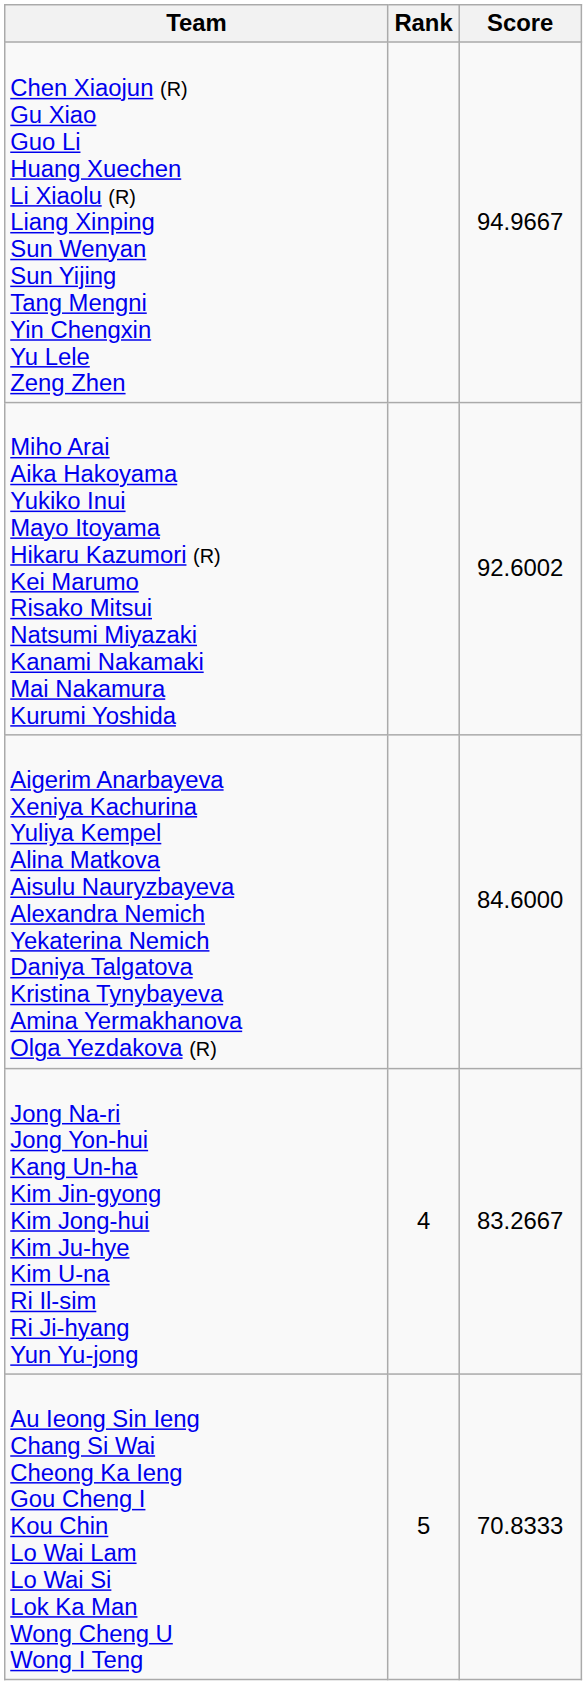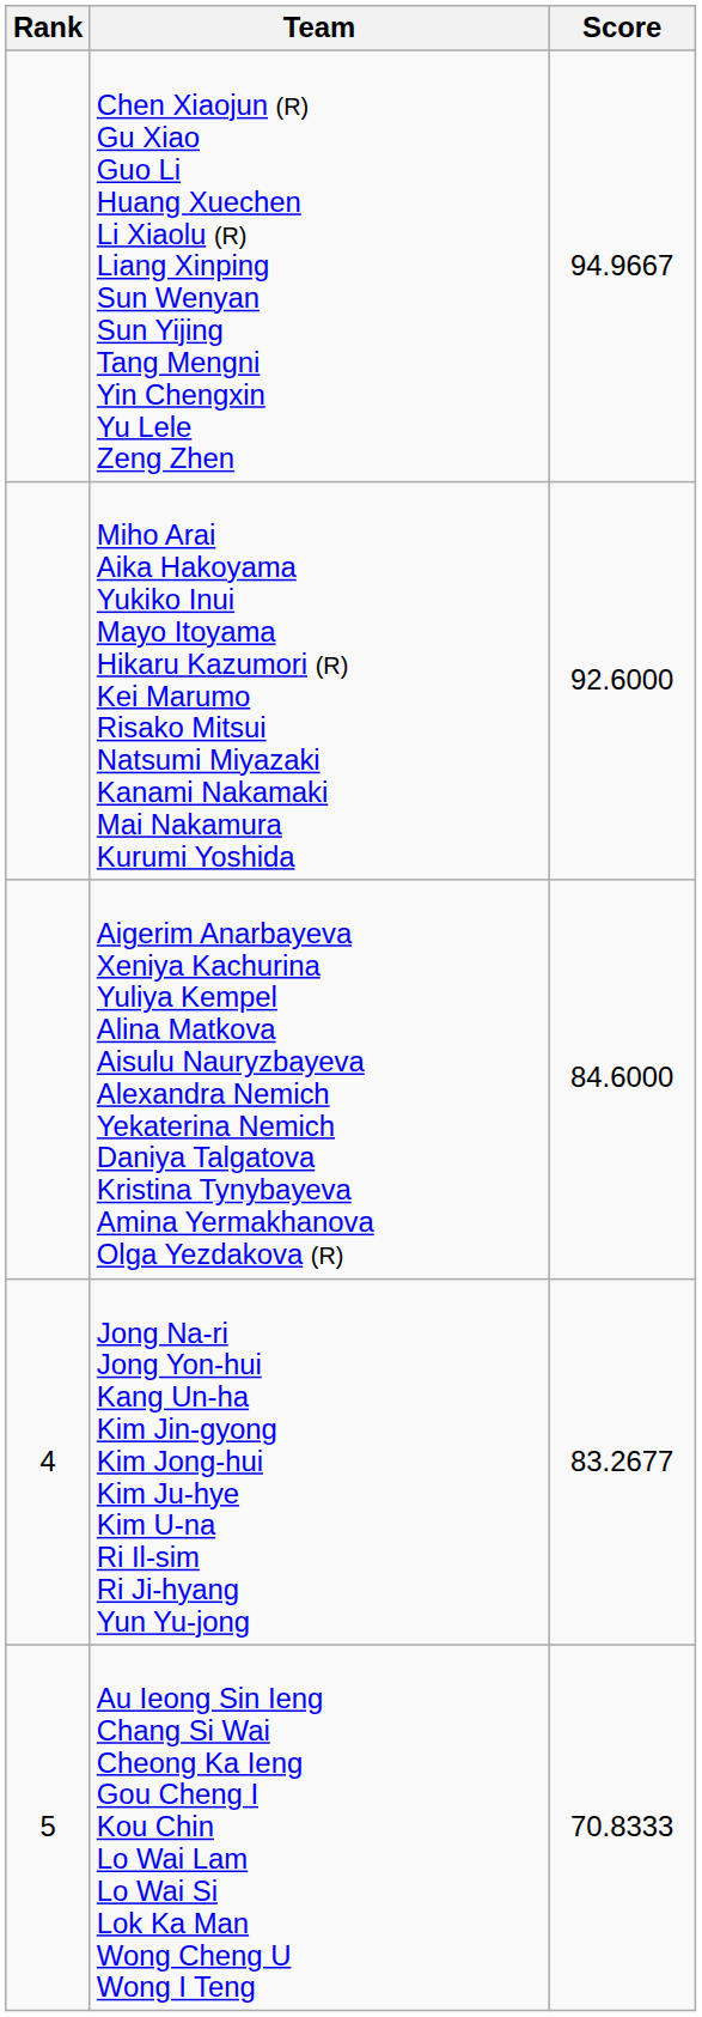 <table class=wikitable style="text-align:center">
 <tr>
+<th width=40>Rank</th>
 <th width=250>Team</th>
-<th width=40>Rank</th>
 <th width=75>Score</th>
 </tr>
 <tr>
+<td></td>
 <td align=left><br><a href='#'>Chen Xiaojun</a> <small>(R)</small><br><a href='#'>Gu Xiao</a><br><a href='#'>Guo Li</a><br><a href='#'>Huang Xuechen</a><br><a href='#'>Li Xiaolu</a> <small>(R)</small><br><a href='#'>Liang Xinping</a><br><a href='#'>Sun Wenyan</a><br><a href='#'>Sun Yijing</a><br><a href='#'>Tang Mengni</a><br><a href='#'>Yin Chengxin</a><br><a href='#'>Yu Lele</a><br><a href='#'>Zeng Zhen</a></td>
-<td></td>
 <td>94.9667</td>
 </tr>
 <tr>
+<td></td>
 <td align=left><br><a href='#'>Miho Arai</a><br><a href='#'>Aika Hakoyama</a><br><a href='#'>Yukiko Inui</a><br><a href='#'>Mayo Itoyama</a><br><a href='#'>Hikaru Kazumori</a> <small>(R)</small><br><a href='#'>Kei Marumo</a><br><a href='#'>Risako Mitsui</a><br><a href='#'>Natsumi Miyazaki</a><br><a href='#'>Kanami Nakamaki</a><br><a href='#'>Mai Nakamura</a><br><a href='#'>Kurumi Yoshida</a></td>
-<td></td>
-<td>92.6002</td>
+<td>92.6000</td>
 </tr>
 <tr>
+<td></td>
 <td align=left><br><a href='#'>Aigerim Anarbayeva</a><br><a href='#'>Xeniya Kachurina</a><br><a href='#'>Yuliya Kempel</a><br><a href='#'>Alina Matkova</a><br><a href='#'>Aisulu Nauryzbayeva</a><br><a href='#'>Alexandra Nemich</a><br><a href='#'>Yekaterina Nemich</a><br><a href='#'>Daniya Talgatova</a><br><a href='#'>Kristina Tynybayeva</a><br><a href='#'>Amina Yermakhanova</a><br><a href='#'>Olga Yezdakova</a> <small>(R)</small></td>
-<td></td>
 <td>84.6000</td>
 </tr>
 <tr>
+<td>4</td>
 <td align=left><br><a href='#'>Jong Na-ri</a><br><a href='#'>Jong Yon-hui</a><br><a href='#'>Kang Un-ha</a><br><a href='#'>Kim Jin-gyong</a><br><a href='#'>Kim Jong-hui</a><br><a href='#'>Kim Ju-hye</a><br><a href='#'>Kim U-na</a><br><a href='#'>Ri Il-sim</a><br><a href='#'>Ri Ji-hyang</a><br><a href='#'>Yun Yu-jong</a></td>
-<td>4</td>
-<td>83.2667</td>
+<td>83.2677</td>
 </tr>
 <tr>
+<td>5</td>
 <td align=left><br><a href='#'>Au Ieong Sin Ieng</a><br><a href='#'>Chang Si Wai</a><br><a href='#'>Cheong Ka Ieng</a><br><a href='#'>Gou Cheng I</a><br><a href='#'>Kou Chin</a><br><a href='#'>Lo Wai Lam</a><br><a href='#'>Lo Wai Si</a><br><a href='#'>Lok Ka Man</a><br><a href='#'>Wong Cheng U</a><br><a href='#'>Wong I Teng</a></td>
-<td>5</td>
 <td>70.8333</td>
 </tr>
 </table>
